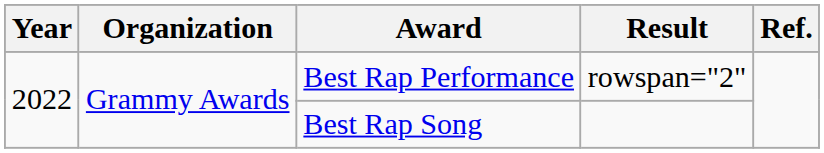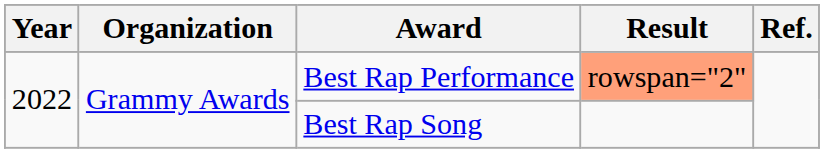 <table class="wikitable" border="1">
 <tr>
 <th>Year</th>
 <th>Organization</th>
 <th>Award</th>
 <th>Result</th>
 <th>Ref.</th>
 </tr>
 <tr>
 <td rowspan="2">2022</td>
 <td rowspan="2"><a href='#'>Grammy Awards</a></td>
 <td><a href='#'>Best Rap Performance</a></td>
-<td>rowspan="2" </td>
+<td style="background: lightsalmon;">rowspan="2" </td>
 <td rowspan="2"></td>
 </tr>
 <tr>
 <td><a href='#'>Best Rap Song</a></td>
 </tr>
 </table>
